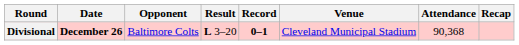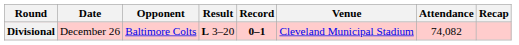 <table class="wikitable" style="text-align:center">
 <tr>
 <th>Round</th>
 <th>Date</th>
 <th>Opponent</th>
 <th>Result</th>
 <th>Record</th>
 <th>Venue</th>
 <th>Attendance</th>
 <th>Recap</th>
 </tr>
 <tr style="background:#fcc">
 <th>Divisional</th>
-<td><strong>December 26</strong></td>
+<td>December 26</td>
 <td><a href='#'>Baltimore Colts</a></td>
 <td><strong>L</strong> 3–20</td>
 <td><strong>0–1</strong></td>
 <td><a href='#'>Cleveland Municipal Stadium</a></td>
-<td>90,368</td>
+<td>74,082</td>
 <td></td>
 </tr>
 </table>
